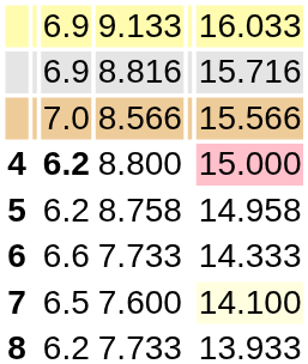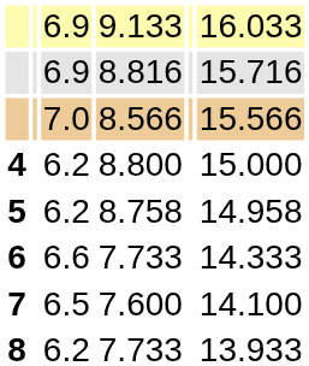 <table>
 <tr style="background: #fffcaf">
 <th scope=row style="text-align:center"></th>
 <td align=left></td>
 <td>6.9</td>
 <td>9.133</td>
 <td></td>
 <td>16.033</td>
 </tr>
 <tr style="background: #e5e5e5">
 <th scope=row style="text-align:center"></th>
 <td align=left></td>
 <td>6.9</td>
 <td>8.816</td>
 <td></td>
 <td>15.716</td>
 </tr>
 <tr style="background: #eecc99">
 <th scope=row style="text-align:center"></th>
 <td align=left></td>
 <td>7.0</td>
 <td>8.566</td>
 <td></td>
 <td>15.566</td>
 </tr>
 <tr>
 <th scope=row style="text-align:center">4</th>
 <td align=left></td>
-<td><strong>6.2</strong></td>
+<td>6.2</td>
 <td>8.800</td>
 <td></td>
-<td style="background: pink;">15.000</td>
+<td>15.000</td>
 </tr>
 <tr>
 <th scope=row style="text-align:center">5</th>
 <td align=left></td>
 <td>6.2</td>
 <td>8.758</td>
 <td></td>
 <td>14.958</td>
 </tr>
 <tr>
 <th scope=row style="text-align:center">6</th>
 <td align=left></td>
 <td>6.6</td>
 <td>7.733</td>
 <td></td>
 <td>14.333</td>
 </tr>
 <tr>
 <th scope=row style="text-align:center">7</th>
 <td align=left></td>
 <td>6.5</td>
 <td>7.600</td>
 <td></td>
-<td style="background: lightyellow;">14.100</td>
+<td>14.100</td>
 </tr>
 <tr>
 <th scope=row style="text-align:center">8</th>
 <td align=left></td>
 <td>6.2</td>
 <td>7.733</td>
 <td></td>
 <td>13.933</td>
 </tr>
 </table>
